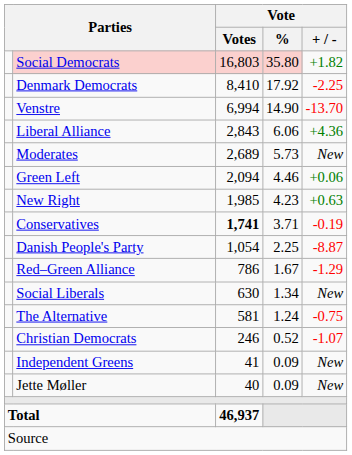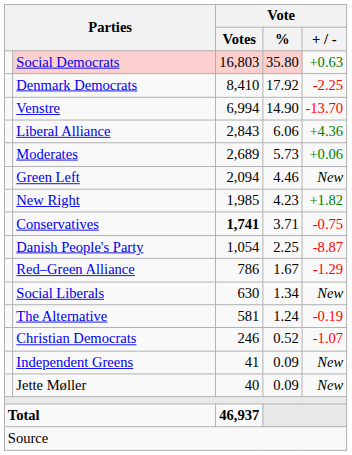 <table class="wikitable" style="text-align:right;">
 <tr>
 <th style="text-align:centre;" rowspan="2" colspan="2" width="225">Parties</th>
 <th colspan="3">Vote</th>
 </tr>
 <tr>
 <th width="15">Votes</th>
 <th width="15">%</th>
 <th width="15">+ / -</th>
 </tr>
 <tr>
 <td width="2" style="color:inherit;background:"></td>
 <td bgcolor=#fbd0ce  align="left"><a href='#'>Social Democrats</a></td>
 <td bgcolor=#fbd0ce>16,803</td>
 <td bgcolor=#fbd0ce>35.80</td>
-<td style=color:green;>+1.82</td>
+<td style=color:green;>+0.63</td>
 </tr>
 <tr>
 <td width="2" style="color:inherit;background:"></td>
 <td align="left"><a href='#'>Denmark Democrats</a></td>
 <td>8,410</td>
 <td>17.92</td>
 <td style=color:red;>-2.25</td>
 </tr>
 <tr>
 <td width="2" style="color:inherit;background:"></td>
 <td align="left"><a href='#'>Venstre</a></td>
 <td>6,994</td>
 <td>14.90</td>
 <td style=color:red;>-13.70</td>
 </tr>
 <tr>
 <td width="2" style="color:inherit;background:"></td>
 <td align="left"><a href='#'>Liberal Alliance</a></td>
 <td>2,843</td>
 <td>6.06</td>
 <td style=color:green;>+4.36</td>
 </tr>
 <tr>
 <td width="2" style="color:inherit;background:"></td>
 <td align="left"><a href='#'>Moderates</a></td>
 <td>2,689</td>
 <td>5.73</td>
-<td><em>New</em></td>
+<td style=color:green;>+0.06</td>
 </tr>
 <tr>
 <td width="2" style="color:inherit;background:"></td>
 <td align="left"><a href='#'>Green Left</a></td>
 <td>2,094</td>
 <td>4.46</td>
-<td style=color:green;>+0.06</td>
+<td><em>New</em></td>
 </tr>
 <tr>
 <td width="2" style="color:inherit;background:"></td>
 <td align="left"><a href='#'>New Right</a></td>
 <td>1,985</td>
 <td>4.23</td>
-<td style=color:green;>+0.63</td>
+<td style=color:green;>+1.82</td>
 </tr>
 <tr>
 <td width="2" style="color:inherit;background:"></td>
 <td align="left"><a href='#'>Conservatives</a></td>
 <td><strong>1,741</strong></td>
 <td>3.71</td>
-<td style=color:red;>-0.19</td>
+<td style=color:red;>-0.75</td>
 </tr>
 <tr>
 <td width="2" style="color:inherit;background:"></td>
 <td align="left"><a href='#'>Danish People's Party</a></td>
 <td>1,054</td>
 <td>2.25</td>
 <td style=color:red;>-8.87</td>
 </tr>
 <tr>
 <td width="2" style="color:inherit;background:"></td>
 <td align="left"><a href='#'>Red–Green Alliance</a></td>
 <td>786</td>
 <td>1.67</td>
 <td style=color:red;>-1.29</td>
 </tr>
 <tr>
 <td width="2" style="color:inherit;background:"></td>
 <td align="left"><a href='#'>Social Liberals</a></td>
 <td>630</td>
 <td>1.34</td>
 <td><em>New</em></td>
 </tr>
 <tr>
 <td width="2" style="color:inherit;background:"></td>
 <td align="left"><a href='#'>The Alternative</a></td>
 <td>581</td>
 <td>1.24</td>
-<td style=color:red;>-0.75</td>
+<td style=color:red;>-0.19</td>
 </tr>
 <tr>
 <td width="2" style="color:inherit;background:"></td>
 <td align="left"><a href='#'>Christian Democrats</a></td>
 <td>246</td>
 <td>0.52</td>
 <td style=color:red;>-1.07</td>
 </tr>
 <tr>
 <td width="2" style="color:inherit;background:"></td>
 <td align="left"><a href='#'>Independent Greens</a></td>
 <td>41</td>
 <td>0.09</td>
 <td><em>New</em></td>
 </tr>
 <tr>
 <td width="2" style="color:inherit;background:"></td>
 <td align="left">Jette Møller</td>
 <td>40</td>
 <td>0.09</td>
 <td><em>New</em></td>
 </tr>
 <tr>
 <td colspan="7" bgcolor="#E9E9E9"></td>
 </tr>
 <tr>
 <td align="left" colspan="2"><strong>Total</strong></td>
 <td><strong>46,937</strong></td>
 <td bgcolor="#E9E9E9" colspan="2"></td>
 </tr>
 <tr>
 <td align="left" colspan="6">Source</td>
 </tr>
 </table>
